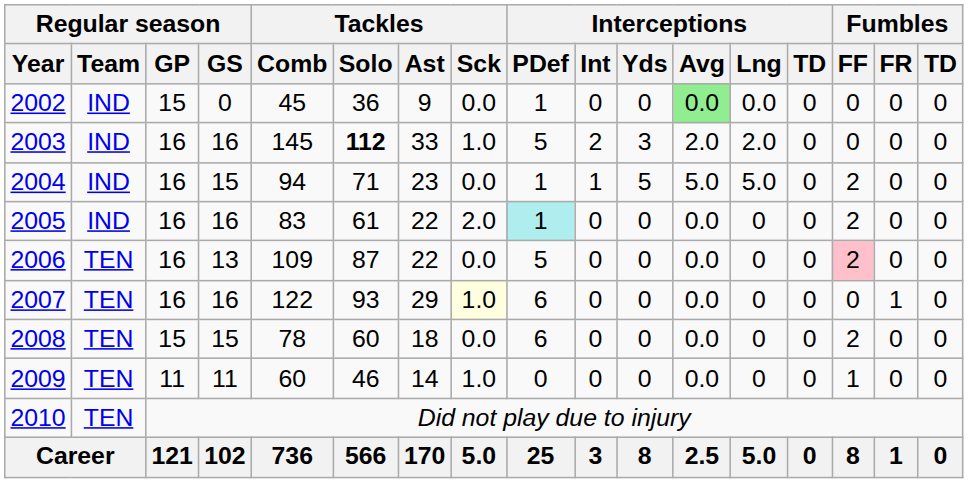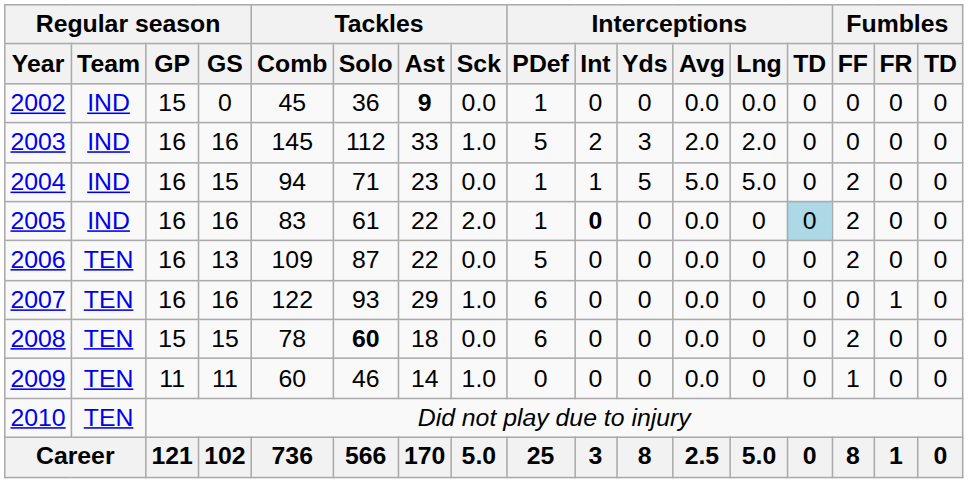 <table class="wikitable" style="text-align:center; width=%75">
 <tr>
 <th colspan="4">Regular season</th>
 <th colspan="4">Tackles</th>
 <th colspan="6">Interceptions</th>
 <th colspan="3">Fumbles</th>
 </tr>
 <tr>
 <th>Year</th>
 <th>Team</th>
 <th>GP</th>
 <th>GS</th>
 <th>Comb</th>
 <th>Solo</th>
 <th>Ast</th>
 <th>Sck</th>
 <th>PDef</th>
 <th>Int</th>
 <th>Yds</th>
 <th>Avg</th>
 <th>Lng</th>
 <th>TD</th>
 <th>FF</th>
 <th>FR</th>
 <th>TD</th>
 </tr>
 <tr>
 <td><a href='#'>2002</a></td>
 <td><a href='#'>IND</a></td>
 <td>15</td>
 <td>0</td>
 <td>45</td>
 <td>36</td>
-<td>9</td>
+<td><strong>9</strong></td>
 <td>0.0</td>
 <td>1</td>
 <td>0</td>
 <td>0</td>
-<td style="background: lightgreen;">0.0</td>
+<td>0.0</td>
 <td>0.0</td>
 <td>0</td>
 <td>0</td>
 <td>0</td>
 <td>0</td>
 </tr>
 <tr>
 <td><a href='#'>2003</a></td>
 <td><a href='#'>IND</a></td>
 <td>16</td>
 <td>16</td>
 <td>145</td>
-<td><strong>112</strong></td>
+<td>112</td>
 <td>33</td>
 <td>1.0</td>
 <td>5</td>
 <td>2</td>
 <td>3</td>
 <td>2.0</td>
 <td>2.0</td>
 <td>0</td>
 <td>0</td>
 <td>0</td>
 <td>0</td>
 </tr>
 <tr>
 <td><a href='#'>2004</a></td>
 <td><a href='#'>IND</a></td>
 <td>16</td>
 <td>15</td>
 <td>94</td>
 <td>71</td>
 <td>23</td>
 <td>0.0</td>
 <td>1</td>
 <td>1</td>
 <td>5</td>
 <td>5.0</td>
 <td>5.0</td>
 <td>0</td>
 <td>2</td>
 <td>0</td>
 <td>0</td>
 </tr>
 <tr>
 <td><a href='#'>2005</a></td>
 <td><a href='#'>IND</a></td>
 <td>16</td>
 <td>16</td>
 <td>83</td>
 <td>61</td>
 <td>22</td>
 <td>2.0</td>
-<td style="background: paleturquoise;">1</td>
-<td>0</td>
+<td>1</td>
+<td><strong>0</strong></td>
 <td>0</td>
 <td>0.0</td>
 <td>0</td>
-<td>0</td>
+<td style="background: lightblue;">0</td>
 <td>2</td>
 <td>0</td>
 <td>0</td>
 </tr>
 <tr>
 <td><a href='#'>2006</a></td>
 <td><a href='#'>TEN</a></td>
 <td>16</td>
 <td>13</td>
 <td>109</td>
 <td>87</td>
 <td>22</td>
 <td>0.0</td>
 <td>5</td>
 <td>0</td>
 <td>0</td>
 <td>0.0</td>
 <td>0</td>
 <td>0</td>
-<td style="background: pink;">2</td>
+<td>2</td>
 <td>0</td>
 <td>0</td>
 </tr>
 <tr>
 <td><a href='#'>2007</a></td>
 <td><a href='#'>TEN</a></td>
 <td>16</td>
 <td>16</td>
 <td>122</td>
 <td>93</td>
 <td>29</td>
-<td style="background: lightyellow;">1.0</td>
+<td>1.0</td>
 <td>6</td>
 <td>0</td>
 <td>0</td>
 <td>0.0</td>
 <td>0</td>
 <td>0</td>
 <td>0</td>
 <td>1</td>
 <td>0</td>
 </tr>
 <tr>
 <td><a href='#'>2008</a></td>
 <td><a href='#'>TEN</a></td>
 <td>15</td>
 <td>15</td>
 <td>78</td>
-<td>60</td>
+<td><strong>60</strong></td>
 <td>18</td>
 <td>0.0</td>
 <td>6</td>
 <td>0</td>
 <td>0</td>
 <td>0.0</td>
 <td>0</td>
 <td>0</td>
 <td>2</td>
 <td>0</td>
 <td>0</td>
 </tr>
 <tr>
 <td><a href='#'>2009</a></td>
 <td><a href='#'>TEN</a></td>
 <td>11</td>
 <td>11</td>
 <td>60</td>
 <td>46</td>
 <td>14</td>
 <td>1.0</td>
 <td>0</td>
 <td>0</td>
 <td>0</td>
 <td>0.0</td>
 <td>0</td>
 <td>0</td>
 <td>1</td>
 <td>0</td>
 <td>0</td>
 </tr>
 <tr>
 <td><a href='#'>2010</a></td>
 <td><a href='#'>TEN</a></td>
 <td colspan="19"><em>Did not play due to injury</em></td>
 </tr>
 <tr>
 <th colspan="2">Career</th>
 <th>121</th>
 <th>102</th>
 <th>736</th>
 <th>566</th>
 <th>170</th>
 <th>5.0</th>
 <th>25</th>
 <th>3</th>
 <th>8</th>
 <th>2.5</th>
 <th>5.0</th>
 <th>0</th>
 <th>8</th>
 <th>1</th>
 <th>0</th>
 </tr>
 </table>
